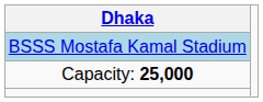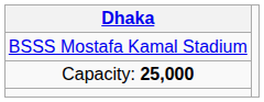 <table class="wikitable" style="text-align:center; margin:0.2em auto;">
 <tr>
 <th><a href='#'>Dhaka</a></th>
 <td rowspan="4"></td>
 </tr>
 <tr>
-<td style="background: lightblue;"><a href='#'>BSSS Mostafa Kamal Stadium</a></td>
+<td><a href='#'>BSSS Mostafa Kamal Stadium</a></td>
 </tr>
 <tr>
 <td>Capacity: <strong>25,000</strong></td>
 </tr>
 <tr>
 <td></td>
 </tr>
 <tr>
 </tr>
 </table>
